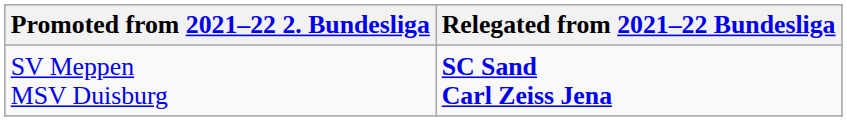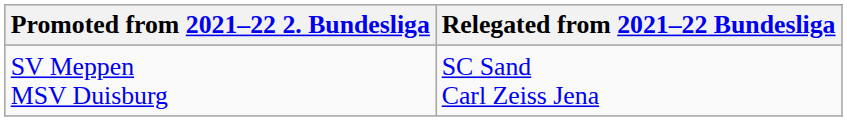 <table class="wikitable">
 <tr>
 <th>Promoted from <a href='#'>2021–22 2. Bundesliga</a></th>
 <th>Relegated from <a href='#'>2021–22 Bundesliga</a></th>
 </tr>
 <tr>
 <td><a href='#'>SV Meppen</a><br><a href='#'>MSV Duisburg</a></td>
-<td><strong><a href='#'>SC Sand</a><br><a href='#'>Carl Zeiss Jena</a></strong></td>
+<td><a href='#'>SC Sand</a><br><a href='#'>Carl Zeiss Jena</a></td>
 </tr>
 </table>
